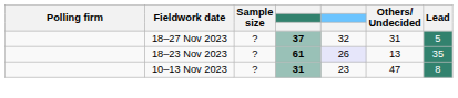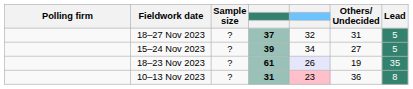 <table class="wikitable collapsible" style="text-align:center; font-size:95%; line-height:16px;">
 <tr>
 <th rowspan="3" style="width:200px;">Polling firm</th>
 <th rowspan="3" style="width:125px;">Fieldwork date</th>
 <th rowspan="3" style="width:40px;">Sample size</th>
 <th class="unsortable" style="width:60px;"></th>
 <th class="unsortable" style="width:60px;"></th>
 <th rowspan="3" style="width:60px;">Others/<br>Undecided</th>
 <th rowspan="3" style="width:30px;">Lead</th>
 </tr>
 <tr>
 <th style="color:inherit;background:#32826e;"></th>
 <th style="color:inherit;background:#6BC4FF;"></th>
 </tr>
 <tr>
 <th></th>
 <th></th>
 </tr>
 <tr>
 <td></td>
 <td>18–27 Nov 2023</td>
 <td>?</td>
 <td style="background:#99c1b7;"><strong>37</strong></td>
 <td>32</td>
 <td>31</td>
 <td style="background:#32826e; color:white;">5</td>
 </tr>
 <tr>
 <td></td>
+<td>15–24 Nov 2023</td>
+<td>?</td>
+<td style="background:#99c1b7;"><strong>39</strong></td>
+<td>34</td>
+<td>27</td>
+<td style="background:#32826e; color:white;">5</td>
+</tr>
+<tr>
+<td></td>
 <td>18–23 Nov 2023</td>
 <td>?</td>
 <td style="background:#99c1b7;"><strong>61</strong></td>
 <td style="background: lavender;">26</td>
-<td>13</td>
+<td>19</td>
 <td style="background:#32826e; color:white;">35</td>
 </tr>
 <tr>
 <td></td>
 <td>10–13 Nov 2023</td>
 <td>?</td>
 <td style="background:#99c1b7;"><strong>31</strong></td>
-<td>23</td>
-<td>47</td>
+<td style="background: pink;">23</td>
+<td>36</td>
 <td style="background:#32826e; color:white;">8</td>
 </tr>
 </table>
